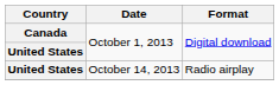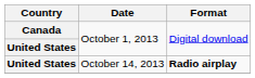 <table class="wikitable plainrowheaders">
 <tr>
 <th scope="col">Country</th>
 <th scope="col">Date</th>
 <th scope="col">Format</th>
 </tr>
 <tr>
 <th scope="row">Canada</th>
 <td rowspan="2">October 1, 2013</td>
 <td rowspan="2"><a href='#'>Digital download</a></td>
 </tr>
 <tr>
 <th scope="row">United States</th>
 </tr>
 <tr>
 <th scope="row">United States</th>
 <td>October 14, 2013</td>
-<td>Radio airplay</td>
+<td><strong>Radio airplay</strong></td>
 </tr>
 <tr>
 </tr>
 </table>
